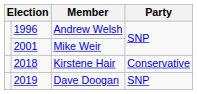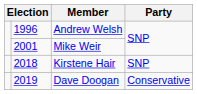 <table class="wikitable">
 <tr>
 <th colspan=2>Election</th>
 <th>Member</th>
 <th>Party</th>
 </tr>
 <tr>
 <td rowspan="2" style="color:inherit;background-color: "></td>
 <td><a href='#'>1996</a></td>
 <td><a href='#'>Andrew Welsh</a></td>
 <td rowspan="2"><a href='#'>SNP</a></td>
 </tr>
 <tr>
 <td><a href='#'>2001</a></td>
 <td><a href='#'>Mike Weir</a></td>
 </tr>
 <tr>
 <td style="color:inherit;background-color: "></td>
 <td><a href='#'>2018</a></td>
 <td><a href='#'>Kirstene Hair</a></td>
-<td><a href='#'>Conservative</a></td>
+<td><a href='#'>SNP</a></td>
 </tr>
 <tr>
 <td style="color:inherit;background-color: "></td>
 <td><a href='#'>2019</a></td>
 <td><a href='#'>Dave Doogan</a></td>
-<td><a href='#'>SNP</a></td>
+<td><a href='#'>Conservative</a></td>
 </tr>
 </table>
